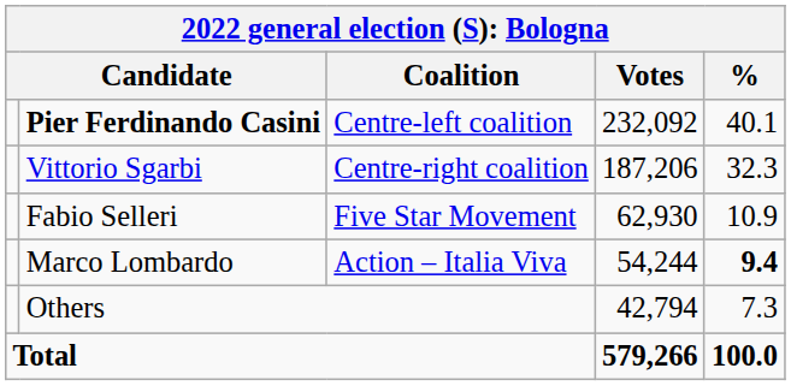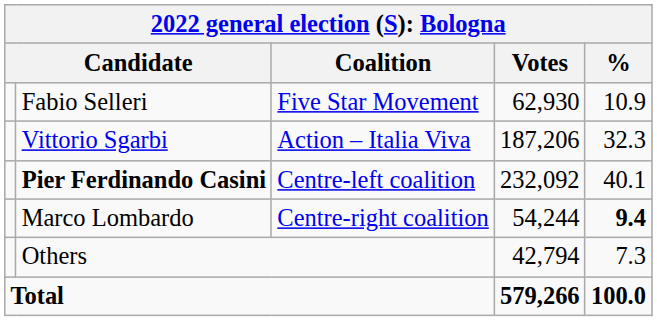 <table class=wikitable style=text-align:right>
 <tr>
 <th colspan=5><a href='#'>2022 general election</a> (<a href='#'>S</a>): <a href='#'>Bologna</a></th>
 </tr>
 <tr>
 <th colspan=2>Candidate</th>
 <th>Coalition</th>
 <th>Votes</th>
 <th>%</th>
 </tr>
 <tr>
 <td></td>
+<td align=left>Fabio Selleri</td>
+<td align=left><a href='#'>Five Star Movement</a></td>
+<td>62,930</td>
+<td>10.9</td>
+</tr>
+<tr>
+<td></td>
+<td align=left><a href='#'>Vittorio Sgarbi</a></td>
+<td align=left><a href='#'>Action – Italia Viva</a></td>
+<td>187,206</td>
+<td>32.3</td>
+</tr>
+<tr>
+<td></td>
 <td align=left><strong>Pier Ferdinando Casini</strong></td>
 <td align=left><a href='#'>Centre-left coalition</a></td>
 <td>232,092</td>
 <td>40.1</td>
 </tr>
 <tr>
 <td></td>
-<td align=left><a href='#'>Vittorio Sgarbi</a></td>
+<td align=left>Marco Lombardo</td>
 <td align=left><a href='#'>Centre-right coalition</a></td>
-<td>187,206</td>
-<td>32.3</td>
-</tr>
-<tr>
-<td></td>
-<td align=left>Fabio Selleri</td>
-<td align=left><a href='#'>Five Star Movement</a></td>
-<td>62,930</td>
-<td>10.9</td>
-</tr>
-<tr>
-<td></td>
-<td align=left>Marco Lombardo</td>
-<td align=left><a href='#'>Action – Italia Viva</a></td>
 <td>54,244</td>
 <td><strong>9.4</strong></td>
 </tr>
 <tr>
 <td></td>
 <td align=left colspan=2>Others</td>
 <td>42,794</td>
 <td>7.3</td>
 </tr>
 <tr>
 <td align=left colspan=3><strong>Total</strong></td>
 <td><strong>579,266</strong></td>
 <td><strong>100.0</strong></td>
 </tr>
 </table>
